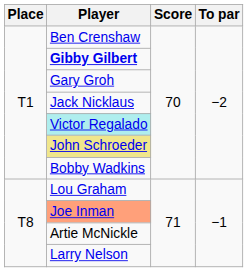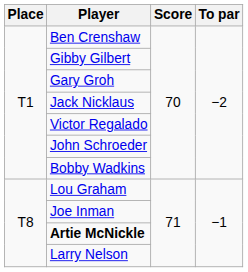 <table class="wikitable">
 <tr>
 <th>Place</th>
 <th>Player</th>
 <th>Score</th>
 <th>To par</th>
 </tr>
 <tr>
 <td rowspan=7 align=center>T1</td>
 <td> <a href='#'>Ben Crenshaw</a></td>
 <td rowspan=7 align=center>70</td>
 <td rowspan=7 align=center>−2</td>
 </tr>
 <tr>
-<td><strong> <a href='#'>Gibby Gilbert</a></strong></td>
+<td> <a href='#'>Gibby Gilbert</a></td>
 </tr>
 <tr>
 <td> <a href='#'>Gary Groh</a></td>
 </tr>
 <tr>
 <td> <a href='#'>Jack Nicklaus</a></td>
 </tr>
 <tr>
-<td style="background: paleturquoise;"> <a href='#'>Victor Regalado</a></td>
+<td> <a href='#'>Victor Regalado</a></td>
 </tr>
 <tr>
-<td style="background: khaki;"> <a href='#'>John Schroeder</a></td>
+<td> <a href='#'>John Schroeder</a></td>
 </tr>
 <tr>
 <td> <a href='#'>Bobby Wadkins</a></td>
 </tr>
 <tr>
 <td rowspan=4 align=center>T8</td>
 <td> <a href='#'>Lou Graham</a></td>
 <td rowspan=8 align=center>71</td>
 <td rowspan=4 align=center>−1</td>
 </tr>
 <tr>
-<td style="background: lightsalmon;"> <a href='#'>Joe Inman</a></td>
+<td> <a href='#'>Joe Inman</a></td>
 </tr>
 <tr>
-<td> Artie McNickle</td>
+<td><strong> Artie McNickle</strong></td>
 </tr>
 <tr>
 <td> <a href='#'>Larry Nelson</a></td>
 </tr>
 </table>
